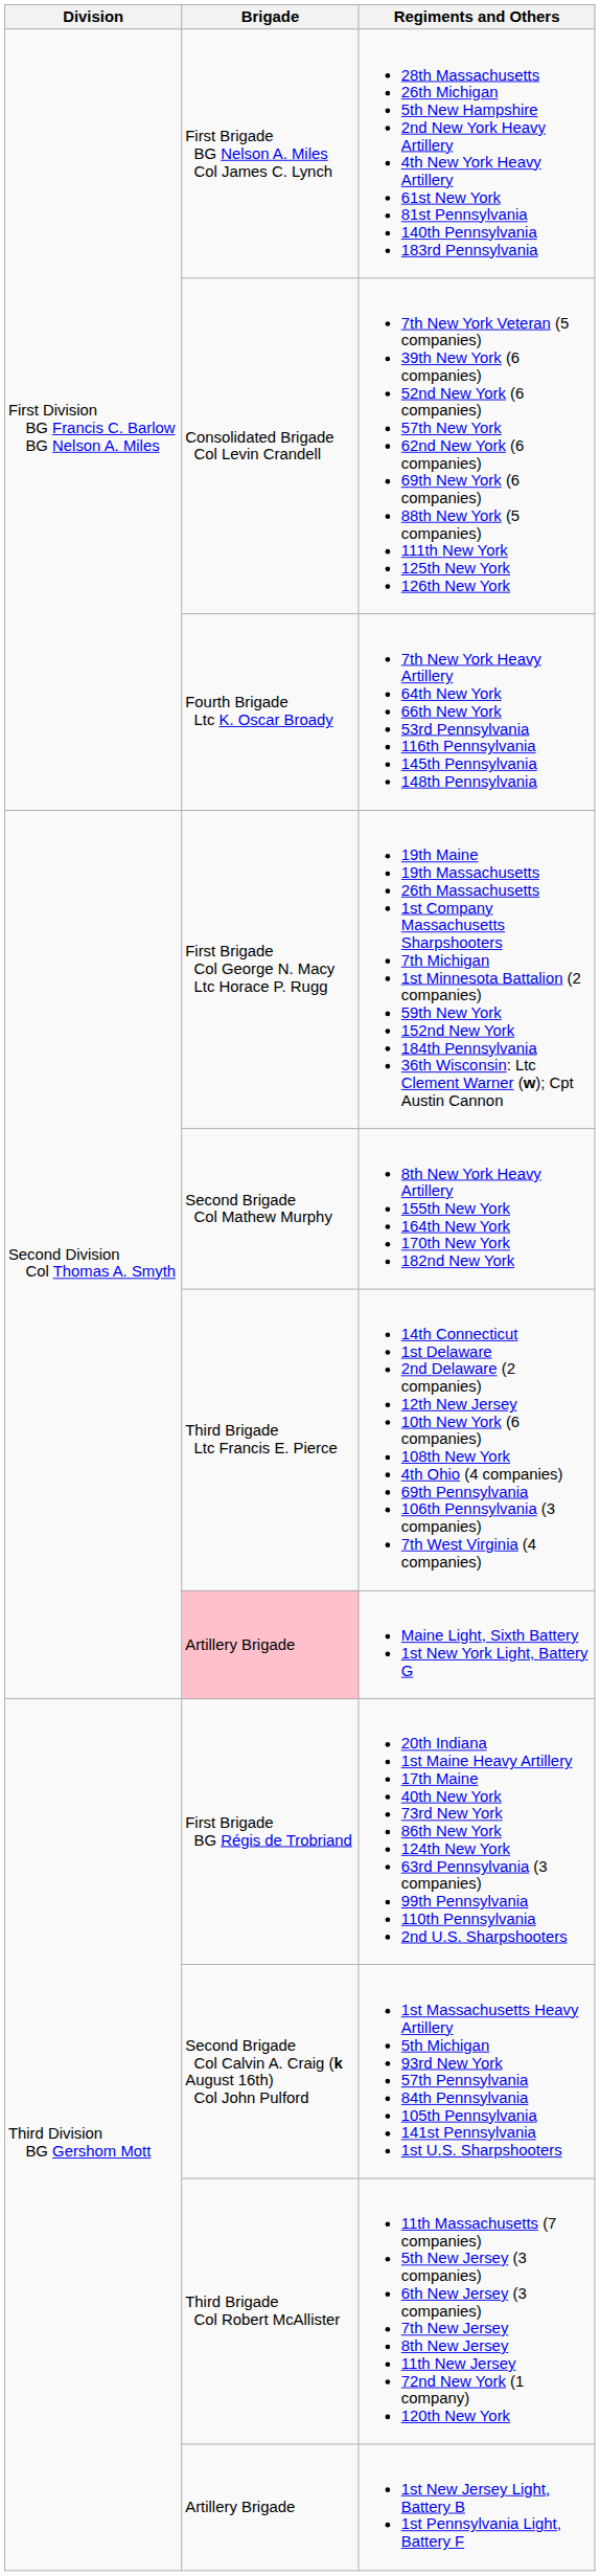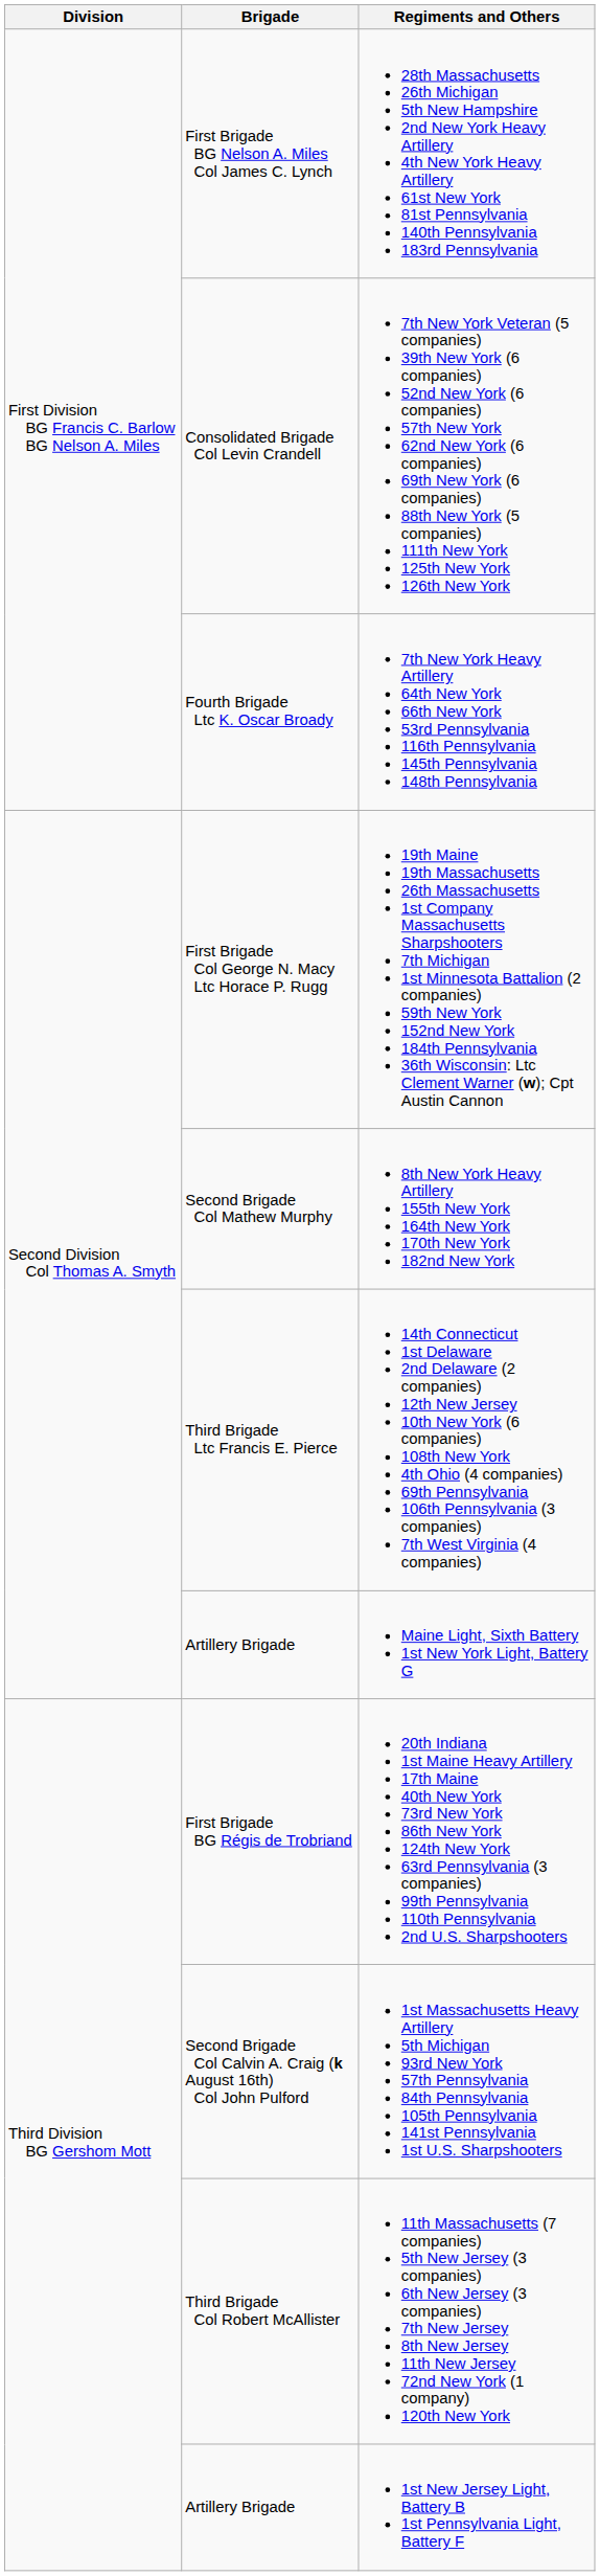 <table class="wikitable">
 <tr>
 <th width=30%>Division</th>
 <th width=30%>Brigade</th>
 <th>Regiments and Others</th>
 </tr>
 <tr>
 <td rowspan=3><br>First Division <br>    BG <a href='#'>Francis C. Barlow</a> <br>    BG <a href='#'>Nelson A. Miles</a></td>
 <td>First Brigade<br>  BG <a href='#'>Nelson A. Miles</a> <br>  Col James C. Lynch</td>
 <td><br><ul><li><a href='#'>28th Massachusetts</a></li><li><a href='#'>26th Michigan</a></li><li><a href='#'>5th New Hampshire</a></li><li><a href='#'>2nd New York Heavy Artillery</a></li><li><a href='#'>4th New York Heavy Artillery</a></li><li><a href='#'>61st New York</a></li><li><a href='#'>81st Pennsylvania</a></li><li><a href='#'>140th Pennsylvania</a></li><li><a href='#'>183rd Pennsylvania</a></li></ul></td>
 </tr>
 <tr>
 <td>Consolidated Brigade<br>  Col Levin Crandell</td>
 <td><br><ul><li><a href='#'>7th New York Veteran</a> (5 companies)</li><li><a href='#'>39th New York</a> (6 companies)</li><li><a href='#'>52nd New York</a> (6 companies)</li><li><a href='#'>57th New York</a></li><li><a href='#'>62nd New York</a> (6 companies)</li><li><a href='#'>69th New York</a> (6 companies)</li><li><a href='#'>88th New York</a> (5 companies)</li><li><a href='#'>111th New York</a></li><li><a href='#'>125th New York</a></li><li><a href='#'>126th New York</a></li></ul></td>
 </tr>
 <tr>
 <td>Fourth Brigade<br>  Ltc <a href='#'>K. Oscar Broady</a></td>
 <td><br><ul><li><a href='#'>7th New York Heavy Artillery</a></li><li><a href='#'>64th New York</a></li><li><a href='#'>66th New York</a></li><li><a href='#'>53rd Pennsylvania</a></li><li><a href='#'>116th Pennsylvania</a></li><li><a href='#'>145th Pennsylvania</a></li><li><a href='#'>148th Pennsylvania</a></li></ul></td>
 </tr>
 <tr>
 <td rowspan=4><br>Second Division <br>    Col <a href='#'>Thomas A. Smyth</a></td>
 <td>First Brigade<br>  Col George N. Macy <br>  Ltc Horace P. Rugg</td>
 <td><br><ul><li><a href='#'>19th Maine</a></li><li><a href='#'>19th Massachusetts</a></li><li><a href='#'>26th Massachusetts</a></li><li><a href='#'>1st Company Massachusetts Sharpshooters</a></li><li><a href='#'>7th Michigan</a></li><li><a href='#'>1st Minnesota Battalion</a> (2 companies)</li><li><a href='#'>59th New York</a></li><li><a href='#'>152nd New York</a></li><li><a href='#'>184th Pennsylvania</a></li><li><a href='#'>36th Wisconsin</a>: Ltc <a href='#'>Clement Warner</a> (<strong>w</strong>); Cpt Austin Cannon</li></ul></td>
 </tr>
 <tr>
 <td>Second Brigade<br>  Col Mathew Murphy</td>
 <td><br><ul><li><a href='#'>8th New York Heavy Artillery</a></li><li><a href='#'>155th New York</a></li><li><a href='#'>164th New York</a></li><li><a href='#'>170th New York</a></li><li><a href='#'>182nd New York</a></li></ul></td>
 </tr>
 <tr>
 <td>Third Brigade<br>  Ltc Francis E. Pierce</td>
 <td><br><ul><li><a href='#'>14th Connecticut</a></li><li><a href='#'>1st Delaware</a></li><li><a href='#'>2nd Delaware</a> (2 companies)</li><li><a href='#'>12th New Jersey</a></li><li><a href='#'>10th New York</a> (6 companies)</li><li><a href='#'>108th New York</a></li><li><a href='#'>4th Ohio</a> (4 companies)</li><li><a href='#'>69th Pennsylvania</a></li><li><a href='#'>106th Pennsylvania</a> (3 companies)</li><li><a href='#'>7th West Virginia</a> (4 companies)</li></ul></td>
 </tr>
 <tr>
-<td style="background: pink;">Artillery Brigade</td>
+<td>Artillery Brigade</td>
 <td><br><ul><li><a href='#'>Maine Light, Sixth Battery</a></li><li><a href='#'>1st New York Light, Battery G</a></li></ul></td>
 </tr>
 <tr>
 <td rowspan=4><br>Third Division <br>    BG <a href='#'>Gershom Mott</a></td>
 <td>First Brigade<br>  BG <a href='#'>Régis de Trobriand</a></td>
 <td><br><ul><li><a href='#'>20th Indiana</a></li><li><a href='#'>1st Maine Heavy Artillery</a></li><li><a href='#'>17th Maine</a></li><li><a href='#'>40th New York</a></li><li><a href='#'>73rd New York</a></li><li><a href='#'>86th New York</a></li><li><a href='#'>124th New York</a></li><li><a href='#'>63rd Pennsylvania</a> (3 companies)</li><li><a href='#'>99th Pennsylvania</a></li><li><a href='#'>110th Pennsylvania</a></li><li><a href='#'>2nd U.S. Sharpshooters</a></li></ul></td>
 </tr>
 <tr>
 <td>Second Brigade<br>  Col Calvin A. Craig (<strong>k</strong> August 16th) <br>  Col John Pulford</td>
 <td><br><ul><li><a href='#'>1st Massachusetts Heavy Artillery</a></li><li><a href='#'>5th Michigan</a></li><li><a href='#'>93rd New York</a></li><li><a href='#'>57th Pennsylvania</a></li><li><a href='#'>84th Pennsylvania</a></li><li><a href='#'>105th Pennsylvania</a></li><li><a href='#'>141st Pennsylvania</a></li><li><a href='#'>1st U.S. Sharpshooters</a></li></ul></td>
 </tr>
 <tr>
 <td>Third Brigade<br>  Col Robert McAllister</td>
 <td><br><ul><li><a href='#'>11th Massachusetts</a> (7 companies)</li><li><a href='#'>5th New Jersey</a> (3 companies)</li><li><a href='#'>6th New Jersey</a> (3 companies)</li><li><a href='#'>7th New Jersey</a></li><li><a href='#'>8th New Jersey</a></li><li><a href='#'>11th New Jersey</a></li><li><a href='#'>72nd New York</a> (1 company)</li><li><a href='#'>120th New York</a></li></ul></td>
 </tr>
 <tr>
 <td>Artillery Brigade</td>
 <td><br><ul><li><a href='#'>1st New Jersey Light, Battery B</a></li><li><a href='#'>1st Pennsylvania Light, Battery F</a></li></ul></td>
 </tr>
 </table>
